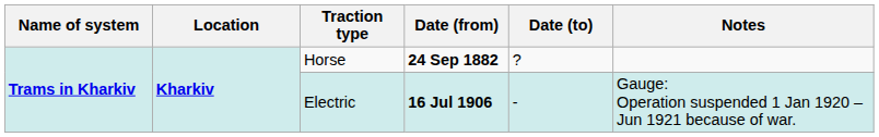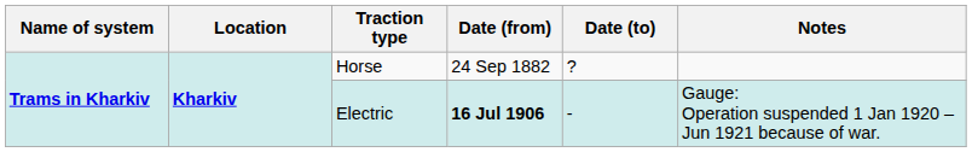 <table class="wikitable" style="width:100%;">
 <tr>
 <th style="width:17%;">Name of system</th>
 <th style="width:17%;">Location</th>
 <th style="width:12%;">Traction type</th>
 <th style="width:12%;">Date (from)</th>
 <th style="width:12%;">Date (to)</th>
 <th style="width:30%;">Notes</th>
 </tr>
 <tr>
 <td style="background:#CFECEC" rowspan="2"><strong><a href='#'>Trams in Kharkiv</a></strong></td>
 <td style="background:#CFECEC" rowspan="2"><strong><a href='#'>Kharkiv</a></strong></td>
 <td>Horse</td>
-<td><strong>24 Sep 1882</strong></td>
+<td>24 Sep 1882</td>
 <td>?</td>
 <td> </td>
 </tr>
 <tr>
 <td style="background:#CFECEC">Electric</td>
 <td style="background:#CFECEC"><strong>16 Jul 1906</strong></td>
 <td style="background:#CFECEC">-</td>
 <td style="background:#CFECEC">Gauge: <br>Operation suspended 1 Jan 1920 – Jun 1921 because of war.</td>
 </tr>
 </table>
